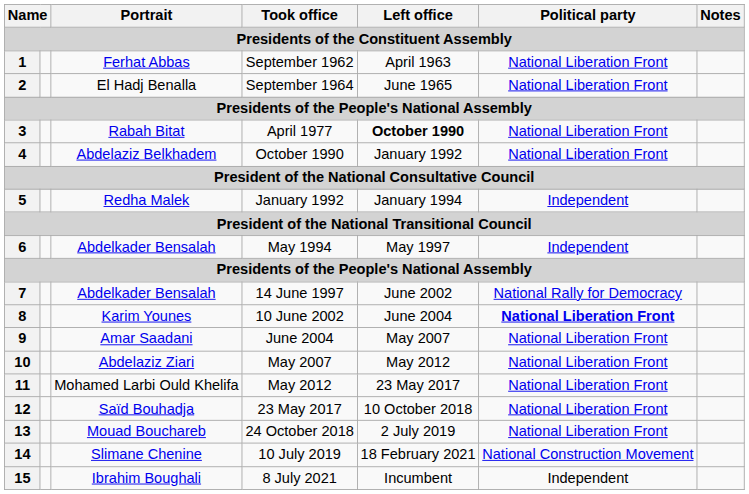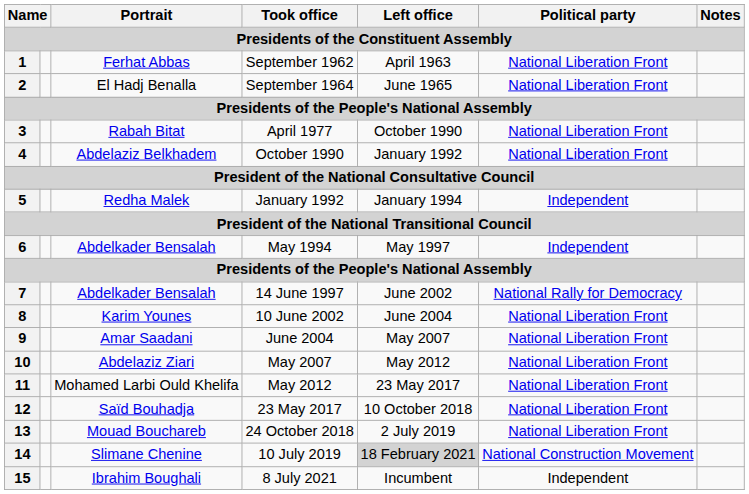 <table class="wikitable" style="text-align:center">
 <tr>
 <th colspan=2>Name</th>
 <th>Portrait</th>
 <th>Took office</th>
 <th>Left office</th>
 <th>Political party</th>
 <th>Notes</th>
 </tr>
 <tr>
 <td colspan="7" bgcolor="lightgrey" align=center><strong>Presidents of the Constituent Assembly</strong></td>
 </tr>
 <tr>
 <th style="background-color:">1</th>
 <td></td>
 <td><a href='#'>Ferhat Abbas</a></td>
 <td>September 1962</td>
 <td>April 1963</td>
 <td><a href='#'>National Liberation Front</a></td>
 <td></td>
 </tr>
 <tr>
 <th style="background-color:">2</th>
 <td></td>
 <td>El Hadj Benalla</td>
 <td>September 1964</td>
 <td>June 1965</td>
 <td><a href='#'>National Liberation Front</a></td>
 <td></td>
 </tr>
 <tr>
 <td colspan="7" bgcolor="lightgrey" align=center><strong>Presidents of the People's National Assembly</strong></td>
 </tr>
 <tr>
 <th style="background-color:">3</th>
 <td></td>
 <td><a href='#'>Rabah Bitat</a></td>
 <td>April 1977</td>
-<td><strong>October 1990</strong></td>
+<td>October 1990</td>
 <td><a href='#'>National Liberation Front</a></td>
 <td></td>
 </tr>
 <tr>
 <th style="background-color:">4</th>
 <td></td>
 <td><a href='#'>Abdelaziz Belkhadem</a></td>
 <td>October 1990</td>
 <td>January 1992</td>
 <td><a href='#'>National Liberation Front</a></td>
 <td></td>
 </tr>
 <tr>
 <td colspan="7" bgcolor="lightgrey" align=center><strong>President of the National Consultative Council</strong></td>
 </tr>
 <tr>
 <th style="background: ">5</th>
 <td></td>
 <td><a href='#'>Redha Malek</a></td>
 <td>January 1992</td>
 <td>January 1994</td>
 <td><a href='#'>Independent</a></td>
 <td></td>
 </tr>
 <tr>
 <td colspan="7" bgcolor="lightgrey" align=center><strong>President of the National Transitional Council</strong></td>
 </tr>
 <tr>
 <th style="background: ">6</th>
 <td></td>
 <td><a href='#'>Abdelkader Bensalah</a></td>
 <td>May 1994</td>
 <td>May 1997</td>
 <td><a href='#'>Independent</a></td>
 <td></td>
 </tr>
 <tr>
 <td colspan="7" bgcolor="lightgrey" align=center><strong>Presidents of the People's National Assembly</strong></td>
 </tr>
 <tr>
 <th style="background-color:">7</th>
 <td></td>
 <td><a href='#'>Abdelkader Bensalah</a></td>
 <td>14 June 1997</td>
 <td>June 2002</td>
 <td><a href='#'>National Rally for Democracy</a></td>
 <td></td>
 </tr>
 <tr>
 <th style="background-color:">8</th>
 <td></td>
 <td><a href='#'>Karim Younes</a></td>
 <td>10 June 2002</td>
 <td>June 2004</td>
-<td><strong><a href='#'>National Liberation Front</a></strong></td>
+<td><a href='#'>National Liberation Front</a></td>
 <td></td>
 </tr>
 <tr>
 <th style="background-color:">9</th>
 <td></td>
 <td><a href='#'>Amar Saadani</a></td>
 <td>June 2004</td>
 <td>May 2007</td>
 <td><a href='#'>National Liberation Front</a></td>
 <td></td>
 </tr>
 <tr>
 <th style="background-color:">10</th>
 <td></td>
 <td><a href='#'>Abdelaziz Ziari</a></td>
 <td>May 2007</td>
 <td>May 2012</td>
 <td><a href='#'>National Liberation Front</a></td>
 <td></td>
 </tr>
 <tr>
 <th style="background-color:">11</th>
 <td></td>
 <td>Mohamed Larbi Ould Khelifa</td>
 <td>May 2012</td>
 <td>23 May 2017</td>
 <td><a href='#'>National Liberation Front</a></td>
 <td></td>
 </tr>
 <tr>
 <th style="background-color:">12</th>
 <td></td>
 <td><a href='#'>Saïd Bouhadja</a></td>
 <td>23 May 2017</td>
 <td>10 October 2018</td>
 <td><a href='#'>National Liberation Front</a></td>
 <td></td>
 </tr>
 <tr>
 <th style="background-color:">13</th>
 <td></td>
 <td><a href='#'>Mouad Bouchareb</a></td>
 <td>24 October 2018</td>
 <td>2 July 2019 </td>
 <td><a href='#'>National Liberation Front</a></td>
 <td></td>
 </tr>
 <tr>
 <th style="background: ">14</th>
 <td></td>
 <td><a href='#'>Slimane Chenine</a></td>
 <td>10 July 2019</td>
-<td>18 February 2021</td>
+<td style="background: lightgrey;">18 February 2021</td>
 <td><a href='#'>National Construction Movement</a></td>
 <td></td>
 </tr>
 <tr>
 <th style="background: ">15</th>
 <td></td>
 <td><a href='#'>Ibrahim Boughali</a></td>
 <td>8 July 2021</td>
 <td>Incumbent</td>
 <td>Independent</td>
 <td></td>
 </tr>
 </table>
